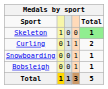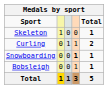 <table class="wikitable" style="font-size:85%;">
 <tr style="background:#efefef;">
 <th colspan=5>Medals by sport</th>
 </tr>
 <tr align=center>
 <td><strong>Sport</strong></td>
 <td style="background:#f7f6a8;"></td>
 <td style="background:#dce5e5;"></td>
 <td style="background:#ffdab9;"></td>
 <td><strong>Total</strong></td>
 </tr>
 <tr align=center>
 <td><a href='#'>Skeleton</a></td>
 <td style="background:#F7F6A8;">1</td>
 <td style="background:#DCE5E5;">0</td>
 <td style="background:#FFDAB9;">0</td>
-<td style="background: lightgreen;"><strong>1</strong></td>
+<td><strong>1</strong></td>
 </tr>
 <tr align=center>
 <td><a href='#'>Curling</a></td>
 <td style="background:#F7F6A8;">0</td>
 <td style="background:#DCE5E5;">1</td>
 <td style="background:#FFDAB9;">1</td>
 <td><strong>2</strong></td>
 </tr>
 <tr align=center>
 <td><a href='#'>Snowboarding</a></td>
 <td style="background:#F7F6A8;">0</td>
 <td style="background:#DCE5E5;">0</td>
-<td style="background:#FFDAB9;">1</td>
+<td style="background:#FFDAB9;"><strong>1</strong></td>
 <td><strong>1</strong></td>
 </tr>
 <tr align=center>
 <td><a href='#'>Bobsleigh</a></td>
 <td style="background:#F7F6A8;">0</td>
 <td style="background:#DCE5E5;">0</td>
 <td style="background:#FFDAB9;">1</td>
 <td><strong>1</strong></td>
 </tr>
 <tr align=center>
 <th>Total</th>
 <th style="background:gold;">1</th>
 <th style="background:silver;">1</th>
 <th style="background:#c96;">3</th>
 <th>5</th>
 </tr>
 </table>
